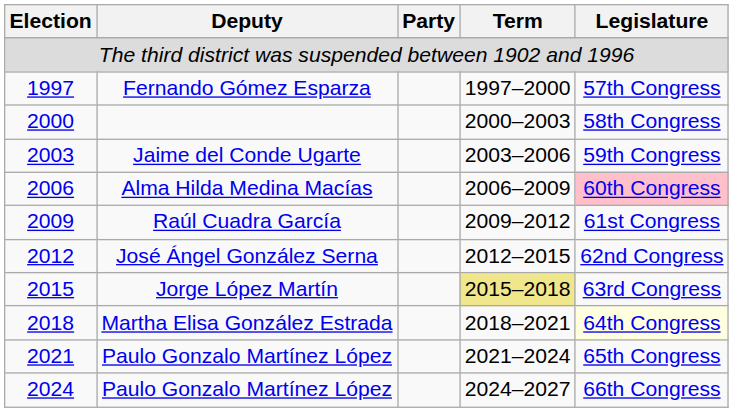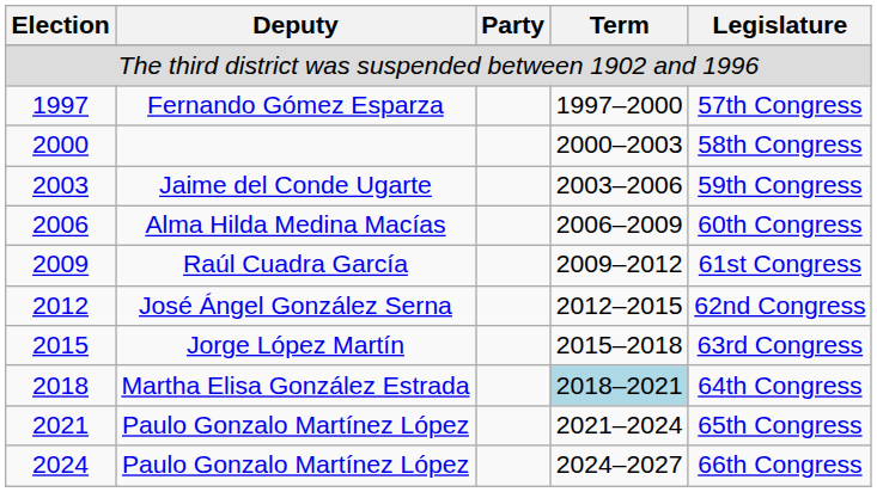 <table class="wikitable sortable" style="text-align: center">
 <tr>
 <th>Election</th>
 <th class="unsortable">Deputy</th>
 <th class="unsortable">Party</th>
 <th class="unsortable">Term</th>
 <th class="unsortable">Legislature</th>
 </tr>
 <tr>
 </tr>
 <tr align=center style="background:Gainsboro;">
 <td colspan=5> <em>The third district was suspended between 1902 and 1996</em></td>
 </tr>
 <tr>
 <td><a href='#'>1997</a></td>
 <td><a href='#'>Fernando Gómez Esparza</a></td>
 <td></td>
 <td>1997–2000</td>
 <td><a href='#'>57th Congress</a></td>
 </tr>
 <tr>
 <td><a href='#'>2000</a></td>
 <td></td>
 <td></td>
 <td>2000–2003</td>
 <td><a href='#'>58th Congress</a></td>
 </tr>
 <tr>
 <td><a href='#'>2003</a></td>
 <td><a href='#'>Jaime del Conde Ugarte</a></td>
 <td></td>
 <td>2003–2006</td>
 <td><a href='#'>59th Congress</a></td>
 </tr>
 <tr>
 <td><a href='#'>2006</a></td>
 <td><a href='#'>Alma Hilda Medina Macías</a></td>
 <td></td>
 <td>2006–2009</td>
-<td style="background: pink;"><a href='#'>60th Congress</a></td>
+<td><a href='#'>60th Congress</a></td>
 </tr>
 <tr>
 <td><a href='#'>2009</a></td>
 <td><a href='#'>Raúl Cuadra García</a></td>
 <td></td>
 <td>2009–2012</td>
 <td><a href='#'>61st Congress</a></td>
 </tr>
 <tr>
 <td><a href='#'>2012</a></td>
 <td><a href='#'>José Ángel González Serna</a></td>
 <td></td>
 <td>2012–2015</td>
 <td><a href='#'>62nd Congress</a></td>
 </tr>
 <tr>
 <td><a href='#'>2015</a></td>
 <td><a href='#'>Jorge López Martín</a></td>
 <td></td>
-<td style="background: khaki;">2015–2018</td>
+<td>2015–2018</td>
 <td><a href='#'>63rd Congress</a></td>
 </tr>
 <tr>
 <td><a href='#'>2018</a></td>
 <td><a href='#'>Martha Elisa González Estrada</a></td>
 <td></td>
-<td>2018–2021</td>
-<td style="background: lightyellow;"><a href='#'>64th Congress</a></td>
+<td style="background: lightblue;">2018–2021</td>
+<td><a href='#'>64th Congress</a></td>
 </tr>
 <tr>
 <td><a href='#'>2021</a></td>
 <td><a href='#'>Paulo Gonzalo Martínez López</a></td>
 <td></td>
 <td>2021–2024</td>
 <td><a href='#'>65th Congress</a></td>
 </tr>
 <tr>
 <td><a href='#'>2024</a></td>
 <td><a href='#'>Paulo Gonzalo Martínez López</a></td>
 <td></td>
 <td>2024–2027</td>
 <td><a href='#'>66th Congress</a></td>
 </tr>
 </table>
